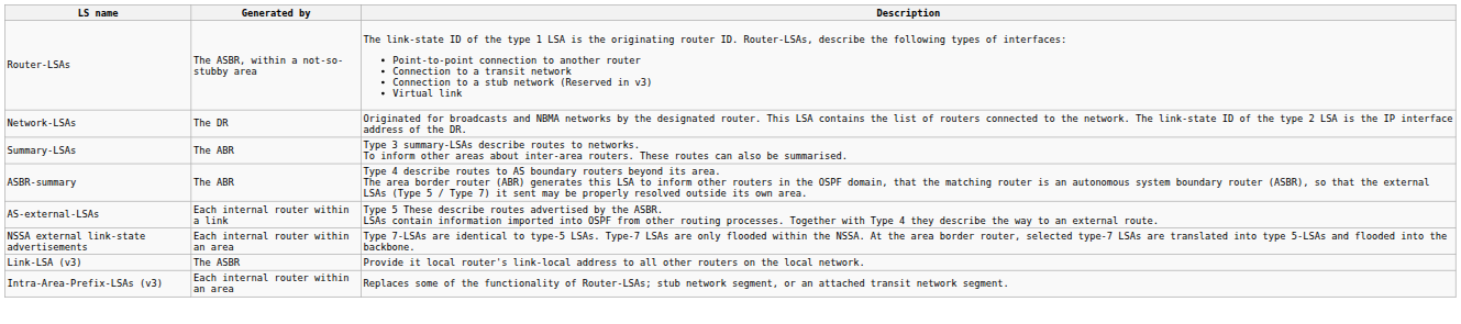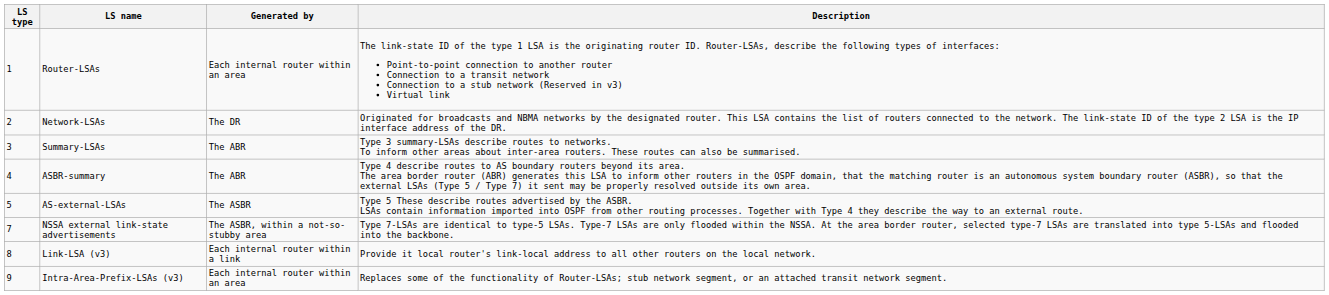 <table class="wikitable mw-collapsible">
 <tr>
+<th>LS type</th>
 <th>LS name</th>
 <th>Generated by</th>
 <th>Description</th>
 </tr>
 <tr>
+<td>1</td>
 <td>Router-LSAs</td>
-<td>The ASBR, within a not-so-stubby area</td>
+<td>Each internal router within an area</td>
 <td><br>The link-state ID of the type 1 LSA is the originating router ID. Router-LSAs, describe the following types of interfaces:<ul><li>Point-to-point connection to another router</li><li>Connection to a transit network</li><li>Connection to a stub network (Reserved in v3)</li><li>Virtual link</li></ul></td>
 </tr>
 <tr>
+<td>2</td>
 <td>Network-LSAs</td>
 <td>The DR</td>
 <td>Originated for broadcasts and NBMA networks by the designated router. This LSA contains the list of routers connected to the network. The link-state ID of the type 2 LSA is the IP interface address of the DR.</td>
 </tr>
 <tr>
+<td>3</td>
 <td>Summary-LSAs</td>
 <td>The ABR</td>
 <td>Type 3 summary-LSAs describe routes to networks.<br>To inform other areas about inter-area routers. These routes can also be summarised.</td>
 </tr>
 <tr>
+<td>4</td>
 <td>ASBR-summary</td>
 <td>The ABR</td>
 <td>Type 4 describe routes to AS boundary routers beyond its area.<br>The area border router (ABR) generates this LSA to inform other routers in the OSPF domain, that the matching router is an autonomous system boundary router (ASBR), so that the external LSAs (Type 5 / Type 7) it sent may be properly resolved outside its own area.</td>
 </tr>
 <tr>
+<td>5</td>
 <td>AS-external-LSAs</td>
-<td>Each internal router within a link</td>
+<td>The ASBR</td>
 <td>Type 5 These describe routes advertised by the ASBR.<br>LSAs contain information imported into OSPF from other routing processes. Together with Type 4 they describe the way to an external route.</td>
 </tr>
 <tr>
+<td>7</td>
 <td>NSSA external link-state advertisements</td>
-<td>Each internal router within an area</td>
+<td>The ASBR, within a not-so-stubby area</td>
 <td>Type 7-LSAs are identical to type-5 LSAs. Type-7 LSAs are only flooded within the NSSA. At the area border router, selected type-7 LSAs are translated into type 5-LSAs and flooded into the backbone.</td>
 </tr>
 <tr>
+<td>8</td>
 <td>Link-LSA (v3)</td>
-<td>The ASBR</td>
+<td>Each internal router within a link</td>
 <td>Provide it local router's link-local address to all other routers on the local network.</td>
 </tr>
 <tr>
+<td>9</td>
 <td>Intra-Area-Prefix-LSAs (v3)</td>
 <td>Each internal router within an area</td>
 <td>Replaces some of the functionality of Router-LSAs; stub network segment, or an attached transit network segment.</td>
 </tr>
 </table>
